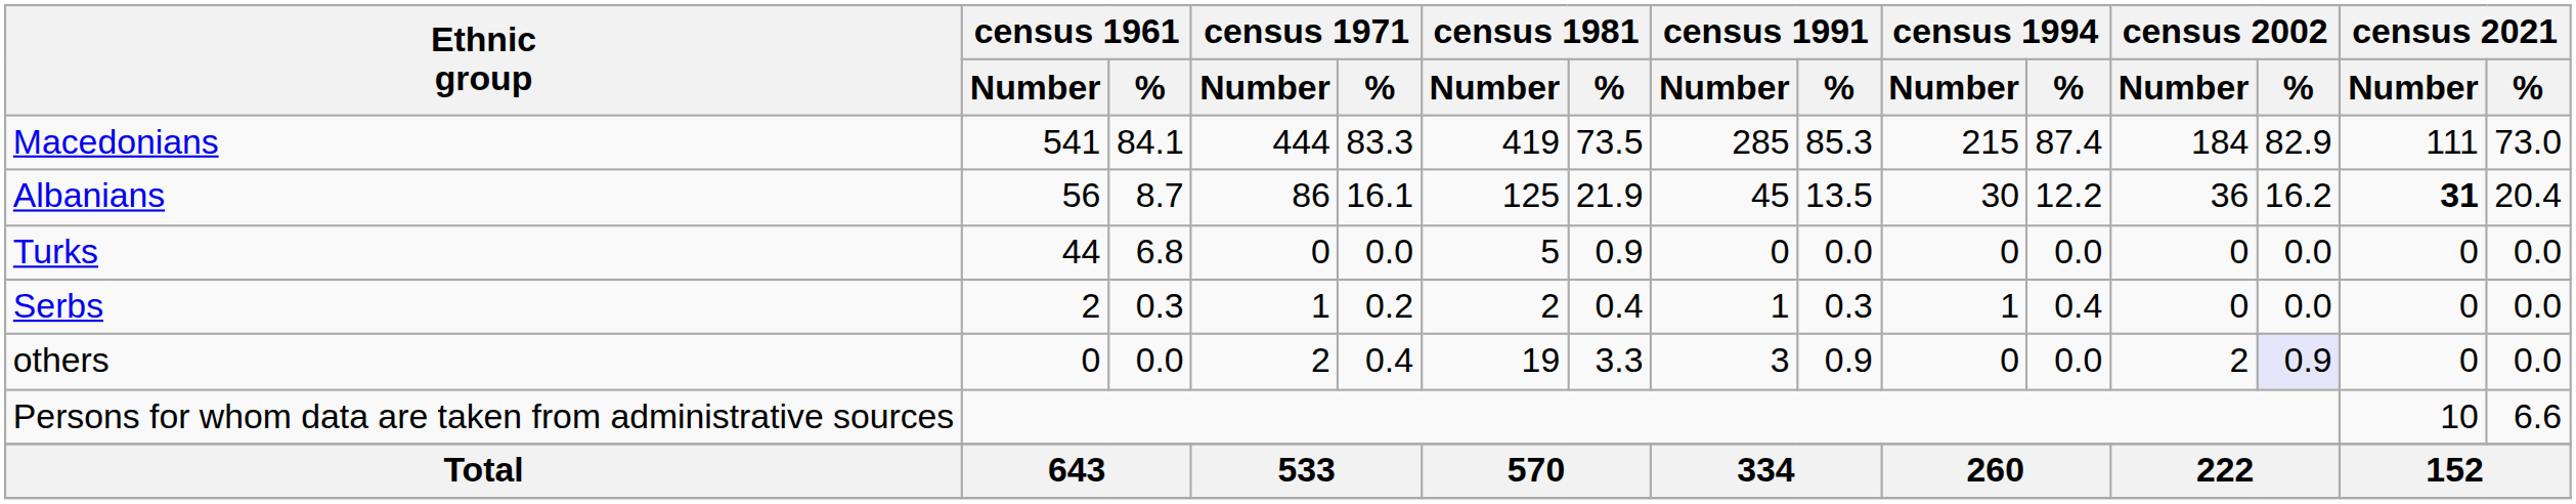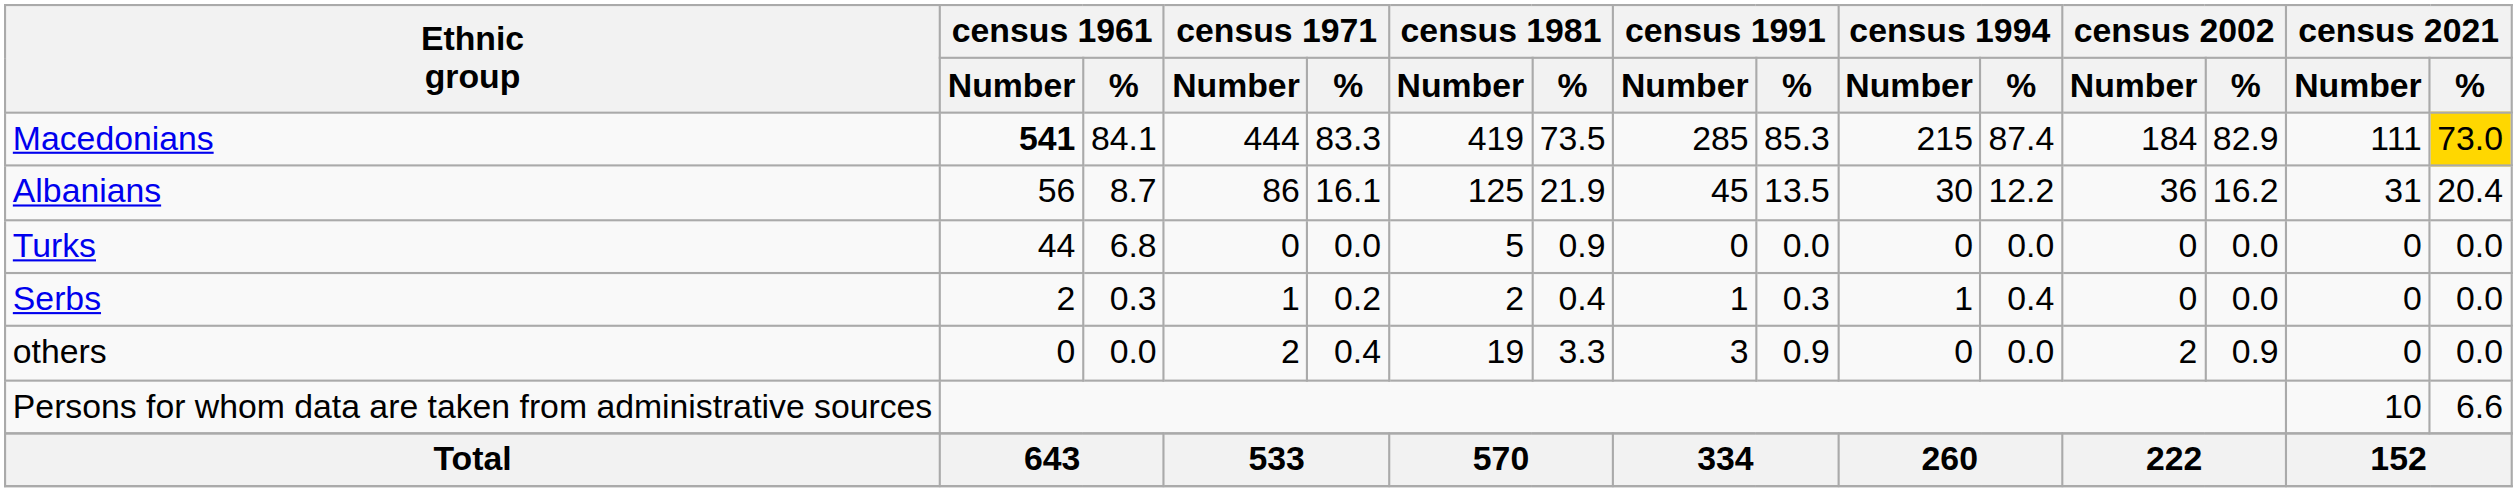 <table class="wikitable">
 <tr>
 <th rowspan="2">Ethnic<br>group</th>
 <th colspan="2">census 1961</th>
 <th colspan="2">census 1971</th>
 <th colspan="2">census 1981</th>
 <th colspan="2">census 1991</th>
 <th colspan="2">census 1994</th>
 <th colspan="2">census 2002</th>
 <th colspan="2">census 2021</th>
 </tr>
 <tr bgcolor="#e0e0e0">
 <th>Number</th>
 <th>%</th>
 <th>Number</th>
 <th>%</th>
 <th>Number</th>
 <th>%</th>
 <th>Number</th>
 <th>%</th>
 <th>Number</th>
 <th>%</th>
 <th>Number</th>
 <th>%</th>
 <th>Number</th>
 <th>%</th>
 </tr>
 <tr>
 <td><a href='#'>Macedonians</a></td>
-<td align="right">541</td>
+<td align="right"><strong>541</strong></td>
 <td align="right">84.1</td>
 <td align="right">444</td>
 <td align="right">83.3</td>
 <td align="right">419</td>
 <td align="right">73.5</td>
 <td align="right">285</td>
 <td align="right">85.3</td>
 <td align="right">215</td>
 <td align="right">87.4</td>
 <td align="right">184</td>
 <td align="right">82.9</td>
 <td align="right">111</td>
-<td align="right">73.0</td>
+<td align="right" style="background: gold;">73.0</td>
 </tr>
 <tr>
 <td><a href='#'>Albanians</a></td>
 <td align="right">56</td>
 <td align="right">8.7</td>
 <td align="right">86</td>
 <td align="right">16.1</td>
 <td align="right">125</td>
 <td align="right">21.9</td>
 <td align="right">45</td>
 <td align="right">13.5</td>
 <td align="right">30</td>
 <td align="right">12.2</td>
 <td align="right">36</td>
 <td align="right">16.2</td>
-<td align="right"><strong>31</strong></td>
+<td align="right">31</td>
 <td align="right">20.4</td>
 </tr>
 <tr>
 <td><a href='#'>Turks</a></td>
 <td align="right">44</td>
 <td align="right">6.8</td>
 <td align="right">0</td>
 <td align="right">0.0</td>
 <td align="right">5</td>
 <td align="right">0.9</td>
 <td align="right">0</td>
 <td align="right">0.0</td>
 <td align="right">0</td>
 <td align="right">0.0</td>
 <td align="right">0</td>
 <td align="right">0.0</td>
 <td align="right">0</td>
 <td align="right">0.0</td>
 </tr>
 <tr>
 <td><a href='#'>Serbs</a></td>
 <td align="right">2</td>
 <td align="right">0.3</td>
 <td align="right">1</td>
 <td align="right">0.2</td>
 <td align="right">2</td>
 <td align="right">0.4</td>
 <td align="right">1</td>
 <td align="right">0.3</td>
 <td align="right">1</td>
 <td align="right">0.4</td>
 <td align="right">0</td>
 <td align="right">0.0</td>
 <td align="right">0</td>
 <td align="right">0.0</td>
 </tr>
 <tr>
 <td>others</td>
 <td align="right">0</td>
 <td align="right">0.0</td>
 <td align="right">2</td>
 <td align="right">0.4</td>
 <td align="right">19</td>
 <td align="right">3.3</td>
 <td align="right">3</td>
 <td align="right">0.9</td>
 <td align="right">0</td>
 <td align="right">0.0</td>
 <td align="right">2</td>
-<td align="right" style="background: lavender;">0.9</td>
+<td align="right">0.9</td>
 <td align="right">0</td>
 <td align="right">0.0</td>
 </tr>
 <tr>
 <td>Persons for whom data are taken from administrative sources</td>
 <td colspan="12"></td>
 <td align="right">10</td>
 <td align="right">6.6</td>
 </tr>
 <tr>
 </tr>
 <tr bgcolor="#e0e0e0">
 <th align="left">Total</th>
 <th colspan="2">643</th>
 <th colspan="2">533</th>
 <th colspan="2">570</th>
 <th colspan="2">334</th>
 <th colspan="2">260</th>
 <th colspan="2">222</th>
 <th colspan="2">152</th>
 </tr>
 <tr>
 </tr>
 </table>
